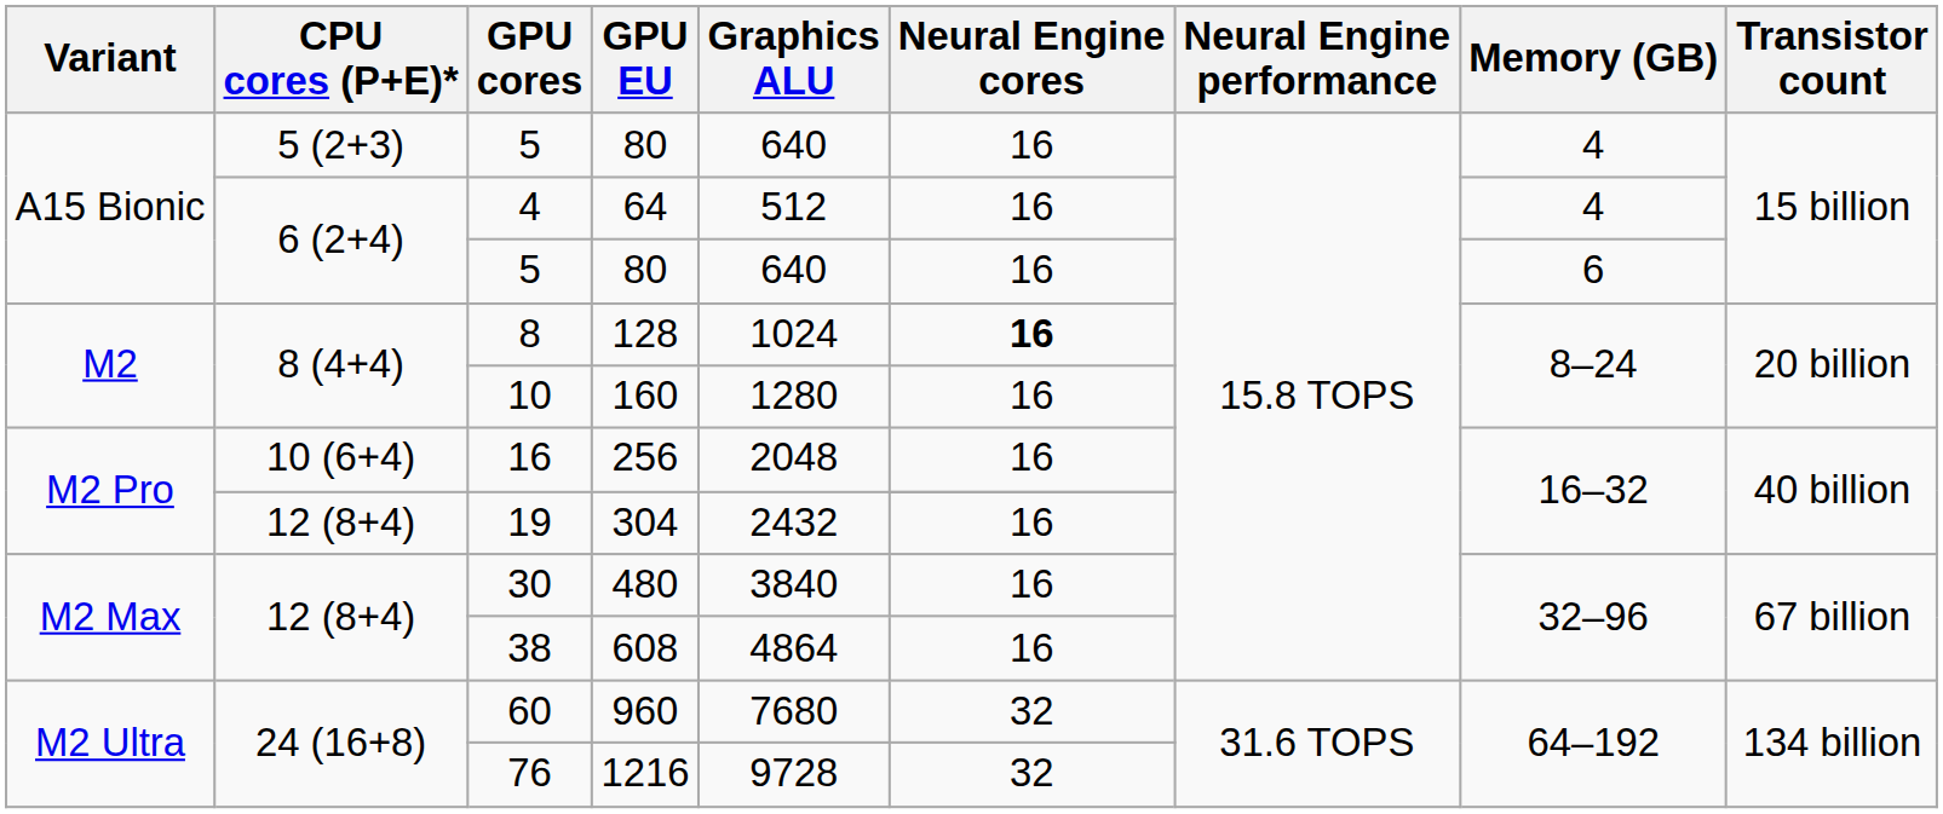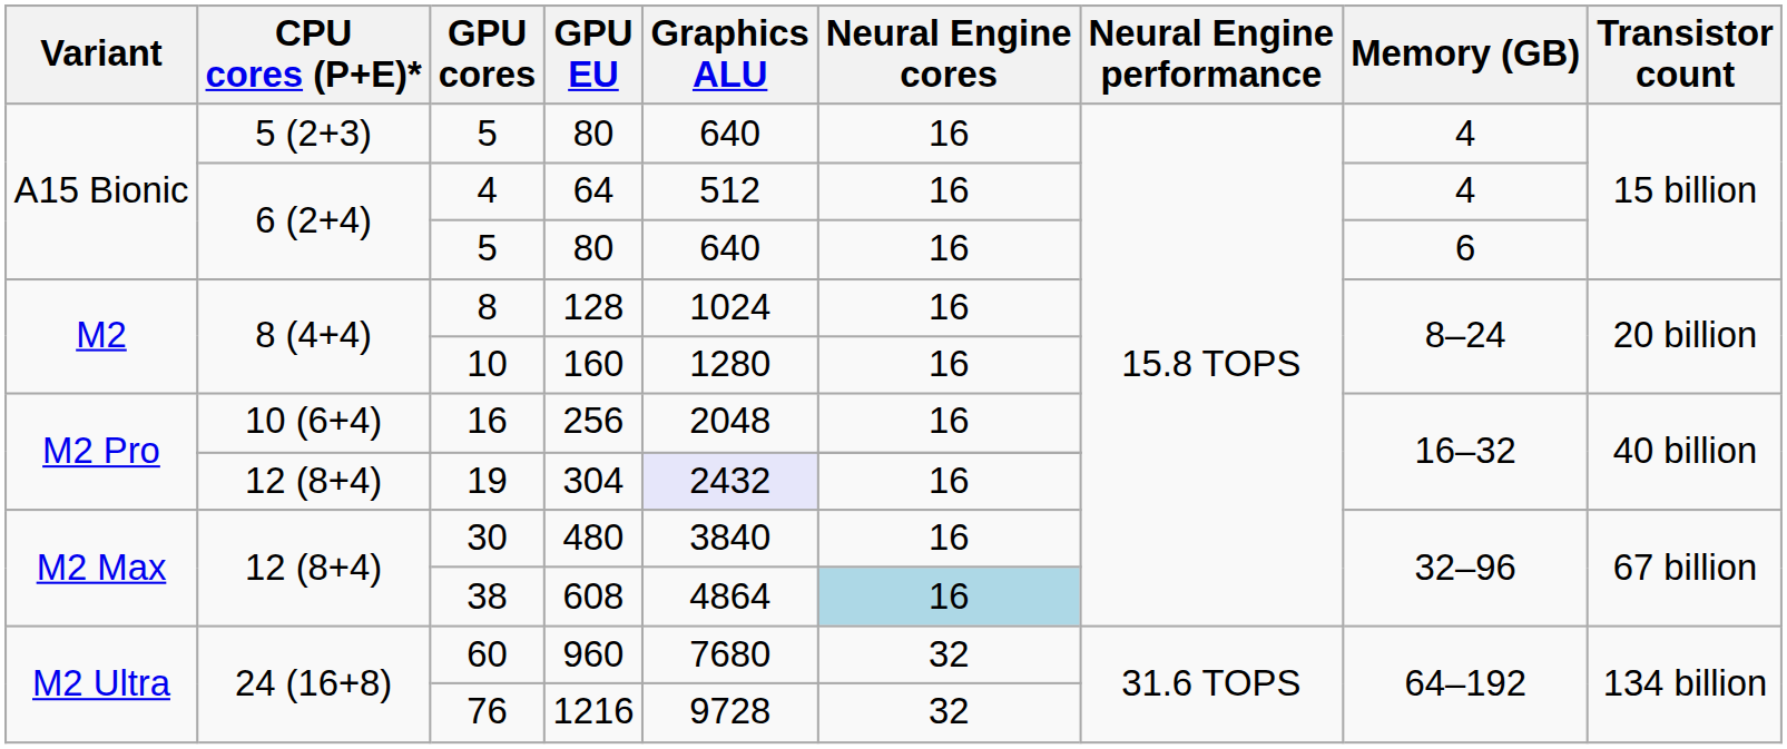 <table class="wikitable sortable" style="text-align: center;">
 <tr>
 <th>Variant</th>
 <th>CPU<br><a href='#'>cores</a> (P+E)*</th>
 <th>GPU<br>cores</th>
 <th>GPU<br><a href='#'>EU</a></th>
 <th>Graphics<br><a href='#'>ALU</a></th>
 <th>Neural Engine<br>cores</th>
 <th>Neural Engine<br>performance</th>
 <th>Memory (GB)</th>
 <th>Transistor<br>count</th>
 </tr>
 <tr>
 <td rowspan="3">A15 Bionic</td>
 <td>5 (2+3)</td>
 <td>5</td>
 <td>80</td>
 <td>640</td>
 <td>16</td>
 <td rowspan="10">15.8 TOPS</td>
 <td>4</td>
 <td rowspan="3">15 billion</td>
 </tr>
 <tr>
 <td rowspan="2">6 (2+4)</td>
 <td>4</td>
 <td>64</td>
 <td>512</td>
 <td>16</td>
 <td>4</td>
 </tr>
 <tr>
 <td>5</td>
 <td>80</td>
 <td>640</td>
 <td>16</td>
 <td>6</td>
 </tr>
 <tr>
 <td rowspan="2"><a href='#'>M2</a></td>
 <td rowspan="2">8 (4+4)</td>
 <td>8</td>
 <td>128</td>
 <td>1024</td>
-<td><strong>16</strong></td>
+<td>16</td>
 <td rowspan="2">8–24</td>
 <td rowspan="2">20 billion</td>
 </tr>
 <tr>
 <td>10</td>
 <td>160</td>
 <td>1280</td>
 <td>16</td>
 </tr>
 <tr>
 <td rowspan="3"><a href='#'>M2 Pro</a></td>
 <td>10 (6+4)</td>
 <td rowspan="2">16</td>
 <td rowspan="2">256</td>
 <td rowspan="2">2048</td>
 <td>16</td>
 <td rowspan="3">16–32</td>
 <td rowspan="3">40 billion</td>
 </tr>
 <tr>
 <td rowspan="2">12 (8+4)</td>
 </tr>
 <tr>
 <td>19</td>
 <td>304</td>
-<td>2432</td>
+<td style="background: lavender;">2432</td>
 <td>16</td>
 </tr>
 <tr>
 <td rowspan="2"><a href='#'>M2 Max</a></td>
 <td rowspan="2">12 (8+4)</td>
 <td>30</td>
 <td>480</td>
 <td>3840</td>
 <td>16</td>
 <td rowspan="2">32–96</td>
 <td rowspan="2">67 billion</td>
 </tr>
 <tr>
 <td>38</td>
 <td>608</td>
 <td>4864</td>
-<td>16</td>
+<td style="background: lightblue;">16</td>
 </tr>
 <tr>
 <td rowspan="2"><a href='#'>M2 Ultra</a></td>
 <td rowspan="2">24 (16+8)</td>
 <td>60</td>
 <td>960</td>
 <td>7680</td>
 <td>32</td>
 <td rowspan="2">31.6 TOPS</td>
 <td rowspan="2">64–192</td>
 <td rowspan="2">134 billion</td>
 </tr>
 <tr>
 <td>76</td>
 <td>1216</td>
 <td>9728</td>
 <td>32</td>
 </tr>
 </table>
